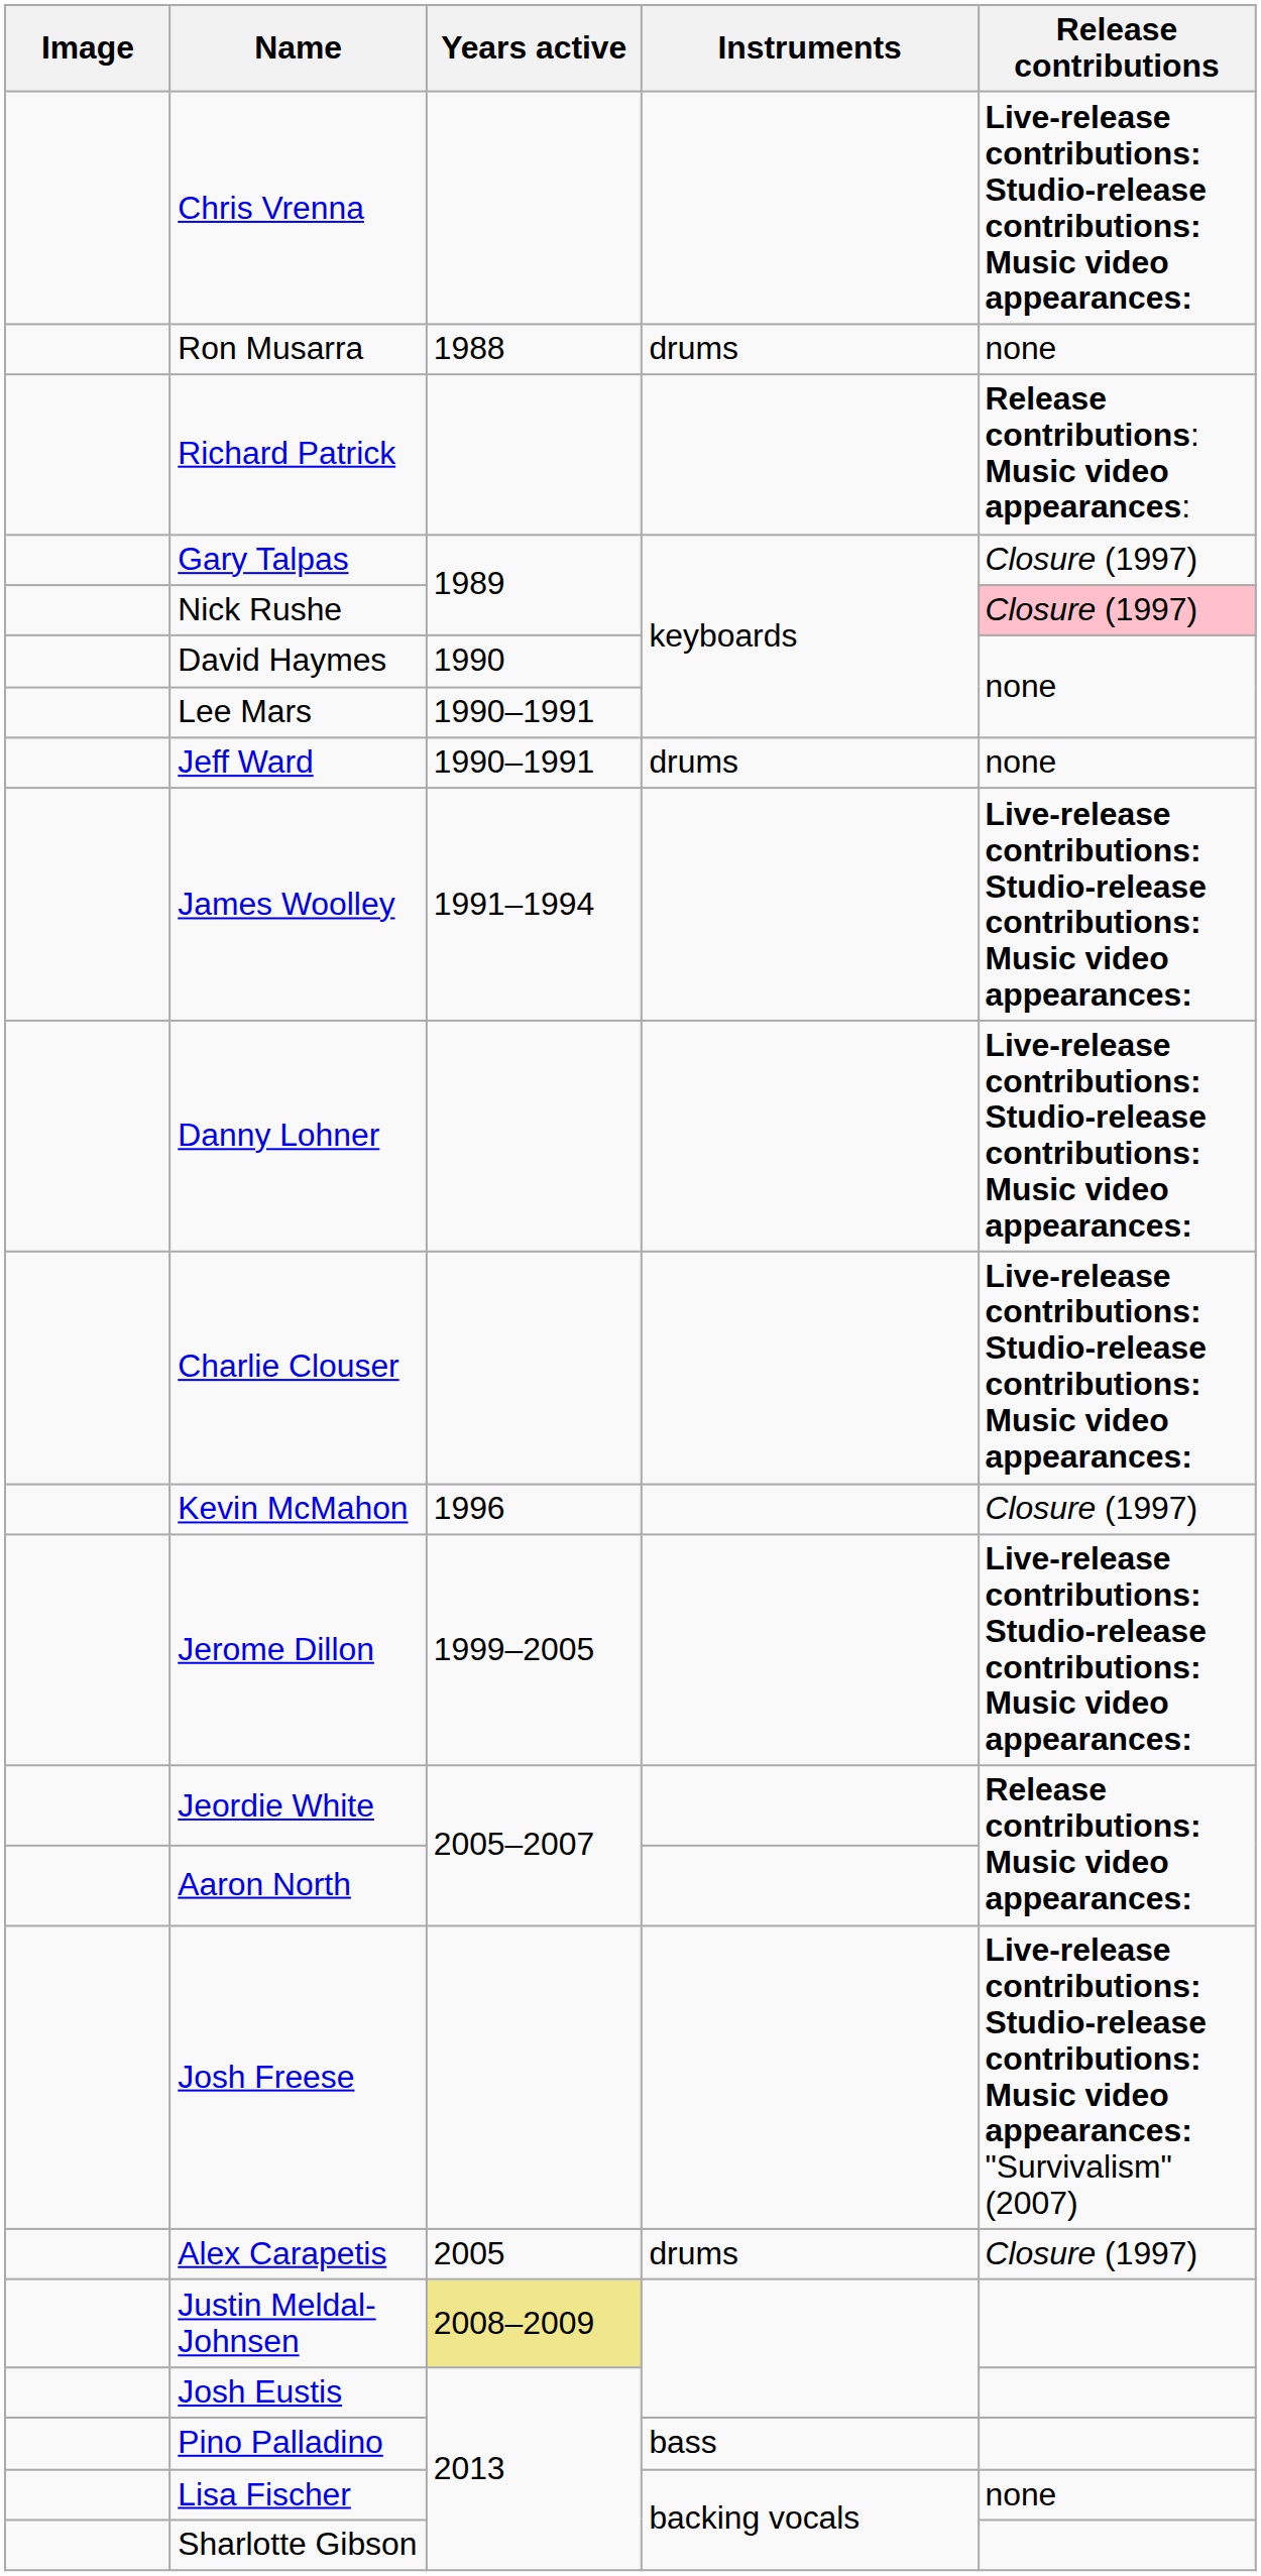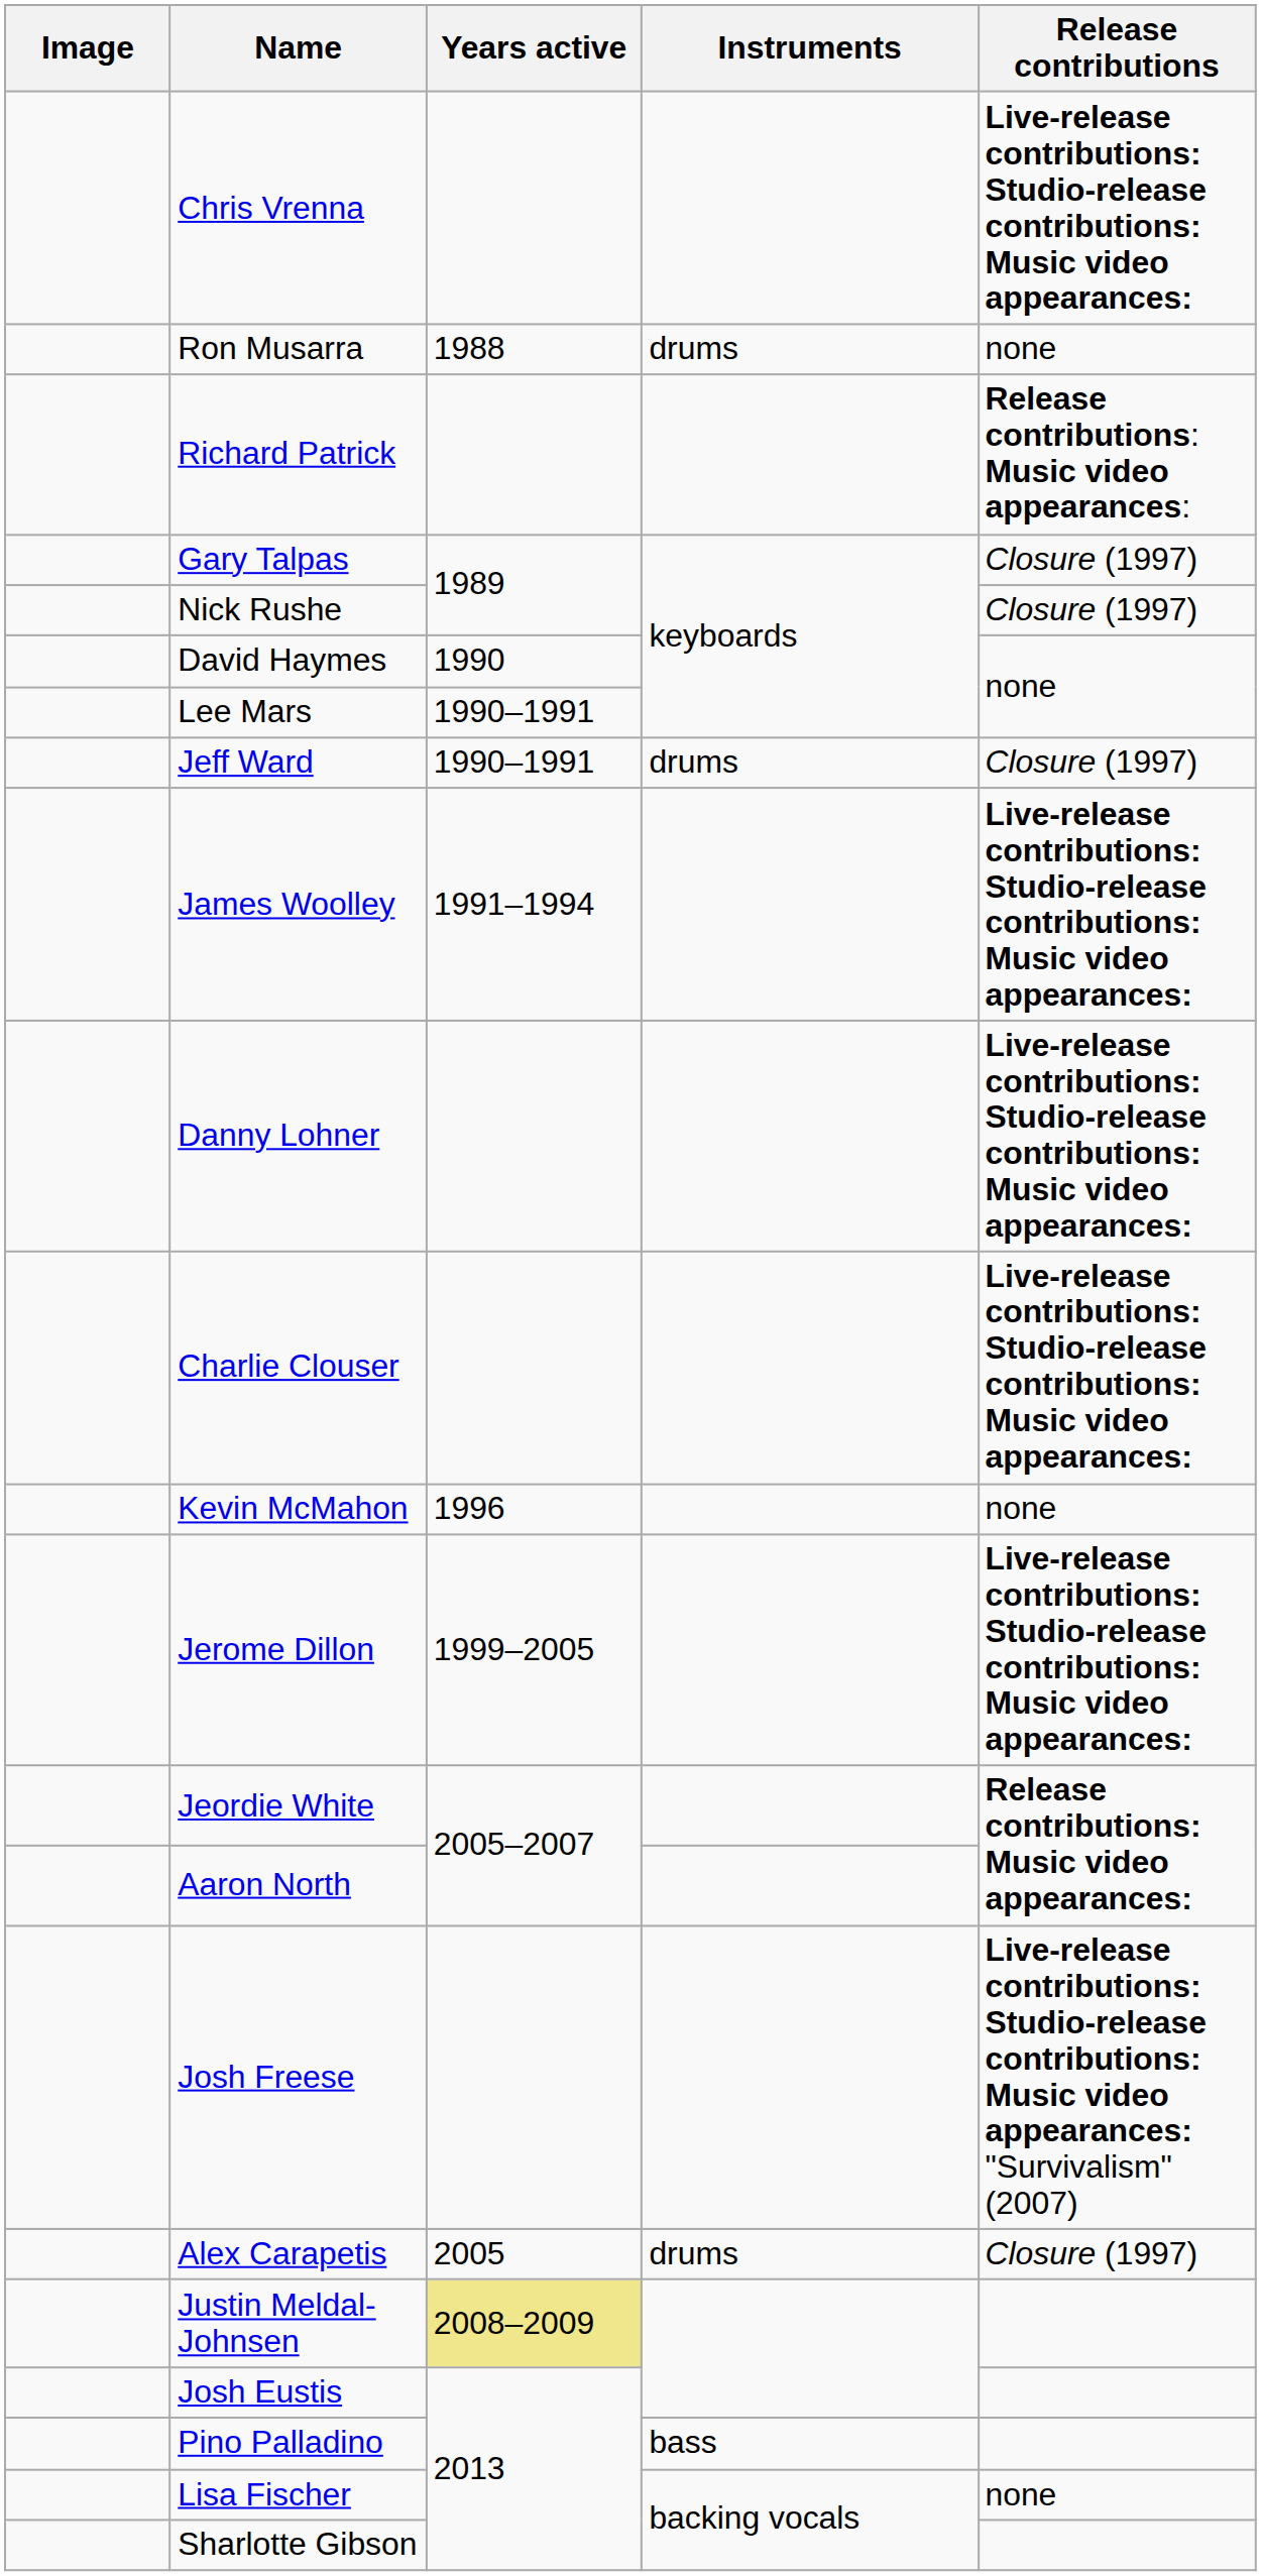 <table class="wikitable" width="100%" border="1">
 <tr>
 <th width="75">Image</th>
 <th width="120">Name</th>
 <th width="100">Years active</th>
 <th width="160">Instruments</th>
 <th>Release contributions</th>
 </tr>
 <tr>
 <td></td>
 <td><a href='#'>Chris Vrenna</a></td>
 <td></td>
 <td></td>
 <td><strong>Live-release contributions:</strong> <br><strong>Studio-release contributions:</strong>  <strong>Music video appearances:</strong> </td>
 </tr>
 <tr>
 <td></td>
 <td>Ron Musarra</td>
 <td>1988</td>
 <td>drums</td>
 <td>none</td>
 </tr>
 <tr>
 <td></td>
 <td><a href='#'>Richard Patrick</a></td>
 <td></td>
 <td></td>
 <td><strong>Release contributions</strong>: <br><strong>Music video appearances</strong>: </td>
 </tr>
 <tr>
 <td></td>
 <td><a href='#'>Gary Talpas</a></td>
 <td rowspan="2">1989</td>
 <td rowspan="4">keyboards</td>
 <td><em>Closure</em> (1997)</td>
 </tr>
 <tr>
 <td></td>
 <td>Nick Rushe</td>
-<td style="background: pink;"><em>Closure</em> (1997)</td>
+<td><em>Closure</em> (1997)</td>
 </tr>
 <tr>
 <td></td>
 <td>David Haymes</td>
 <td>1990</td>
 <td rowspan="2">none</td>
 </tr>
 <tr>
 <td></td>
 <td>Lee Mars</td>
 <td>1990–1991</td>
 </tr>
 <tr>
 <td></td>
 <td><a href='#'>Jeff Ward</a></td>
 <td>1990–1991 </td>
 <td>drums</td>
-<td>none</td>
+<td><em>Closure</em> (1997)</td>
 </tr>
 <tr>
 <td></td>
 <td><a href='#'>James Woolley</a></td>
 <td>1991–1994 </td>
 <td></td>
 <td><strong>Live-release contributions:</strong> <br><strong>Studio-release contributions:</strong>  <strong>Music video appearances:</strong> </td>
 </tr>
 <tr>
 <td></td>
 <td><a href='#'>Danny Lohner</a></td>
 <td></td>
 <td></td>
 <td><strong>Live-release contributions:</strong> <br><strong>Studio-release contributions:</strong>  <strong>Music video appearances:</strong> </td>
 </tr>
 <tr>
 <td></td>
 <td><a href='#'>Charlie Clouser</a></td>
 <td></td>
 <td></td>
 <td><strong>Live-release contributions:</strong> <br><strong>Studio-release contributions:</strong>  <strong>Music video appearances:</strong> </td>
 </tr>
 <tr>
 <td></td>
 <td><a href='#'>Kevin McMahon</a></td>
 <td>1996</td>
 <td></td>
-<td><em>Closure</em> (1997)</td>
+<td>none</td>
 </tr>
 <tr>
 <td></td>
 <td><a href='#'>Jerome Dillon</a></td>
 <td>1999–2005</td>
 <td></td>
 <td><strong>Live-release contributions:</strong> <br><strong>Studio-release contributions:</strong>  <strong>Music video appearances:</strong> </td>
 </tr>
 <tr>
 <td></td>
 <td><a href='#'>Jeordie White</a></td>
 <td rowspan="2">2005–2007</td>
 <td></td>
 <td rowspan="2"><strong>Release contributions:</strong> <br><strong>Music video appearances:</strong> </td>
 </tr>
 <tr>
 <td></td>
 <td><a href='#'>Aaron North</a></td>
 <td></td>
 </tr>
 <tr>
 <td></td>
 <td><a href='#'>Josh Freese</a></td>
 <td></td>
 <td></td>
 <td><strong>Live-release contributions:</strong> <br><strong>Studio-release contributions:</strong>  <strong>Music video appearances:</strong> "Survivalism" (2007)</td>
 </tr>
 <tr>
 <td></td>
 <td><a href='#'>Alex Carapetis</a></td>
 <td>2005</td>
 <td>drums</td>
 <td><em>Closure</em> (1997)</td>
 </tr>
 <tr>
 <td></td>
 <td><a href='#'>Justin Meldal-Johnsen</a></td>
 <td style="background: khaki;">2008–2009</td>
 <td Rowspan="2"></td>
 <td></td>
 </tr>
 <tr>
 <td></td>
 <td><a href='#'>Josh Eustis</a></td>
 <td rowspan="4">2013</td>
 <td></td>
 </tr>
 <tr>
 <td></td>
 <td><a href='#'>Pino Palladino</a></td>
 <td>bass</td>
 <td></td>
 </tr>
 <tr>
 <td></td>
 <td><a href='#'>Lisa Fischer</a></td>
 <td rowspan="2">backing vocals</td>
 <td>none</td>
 </tr>
 <tr>
 <td></td>
 <td>Sharlotte Gibson</td>
 <td></td>
 </tr>
 </table>
